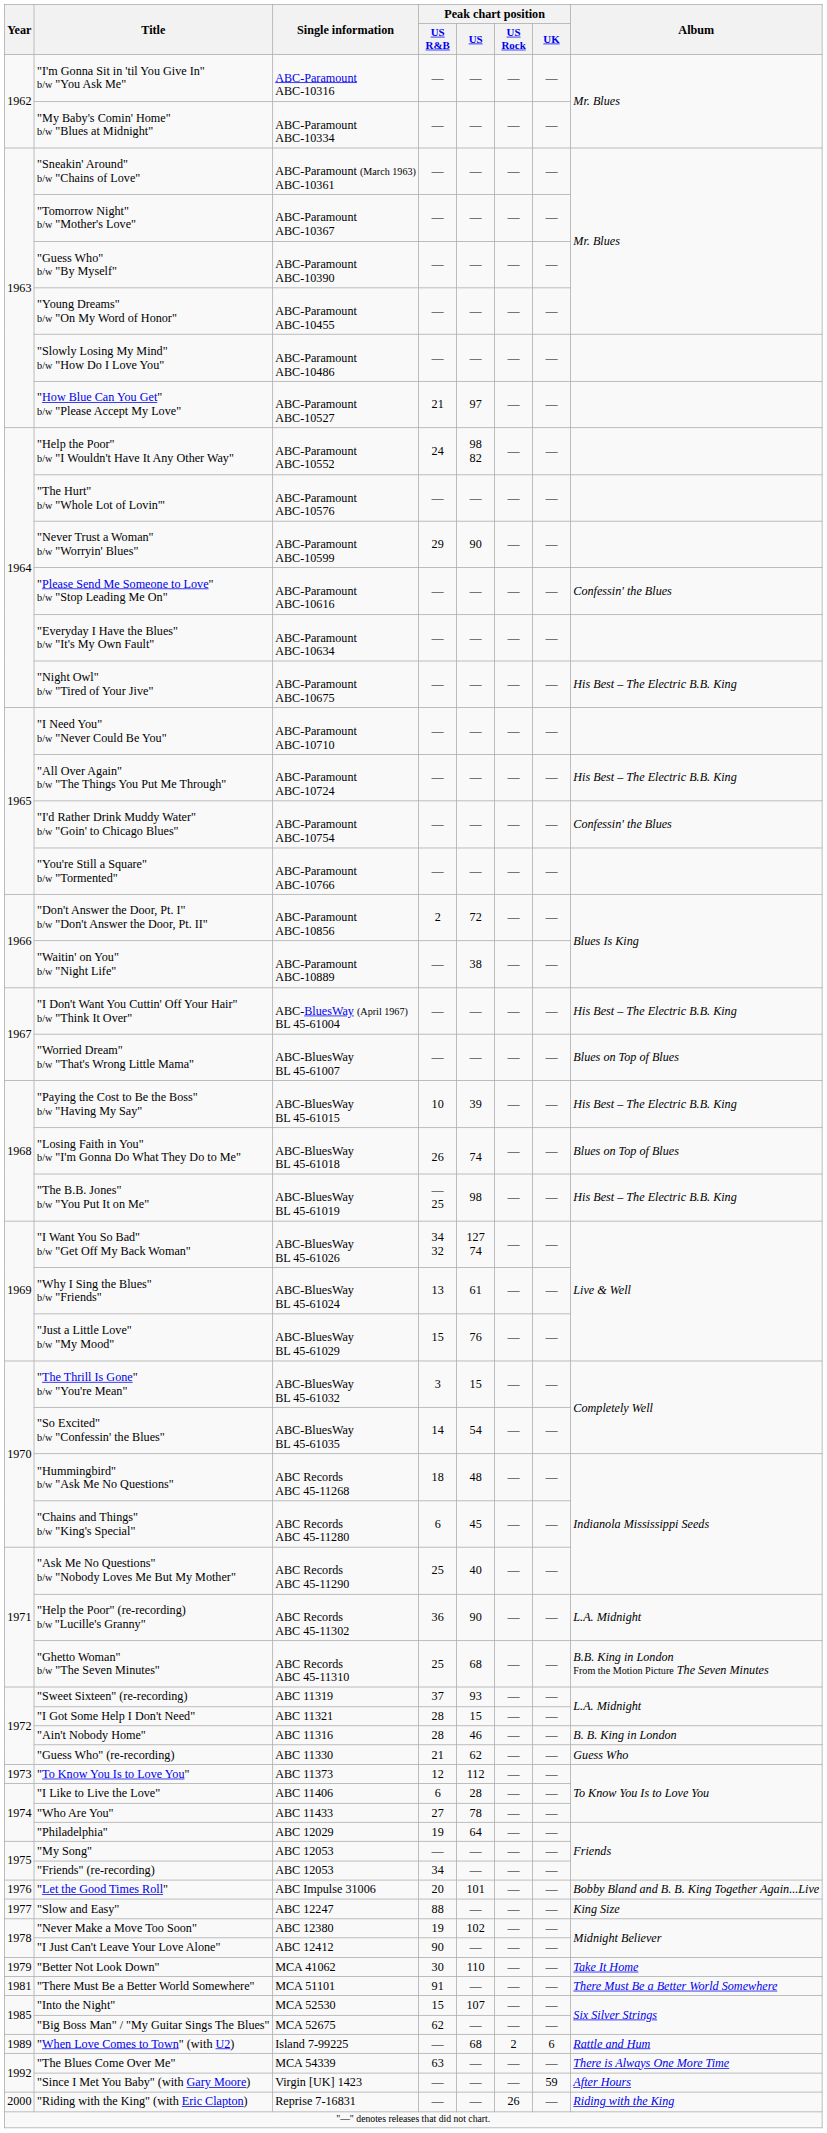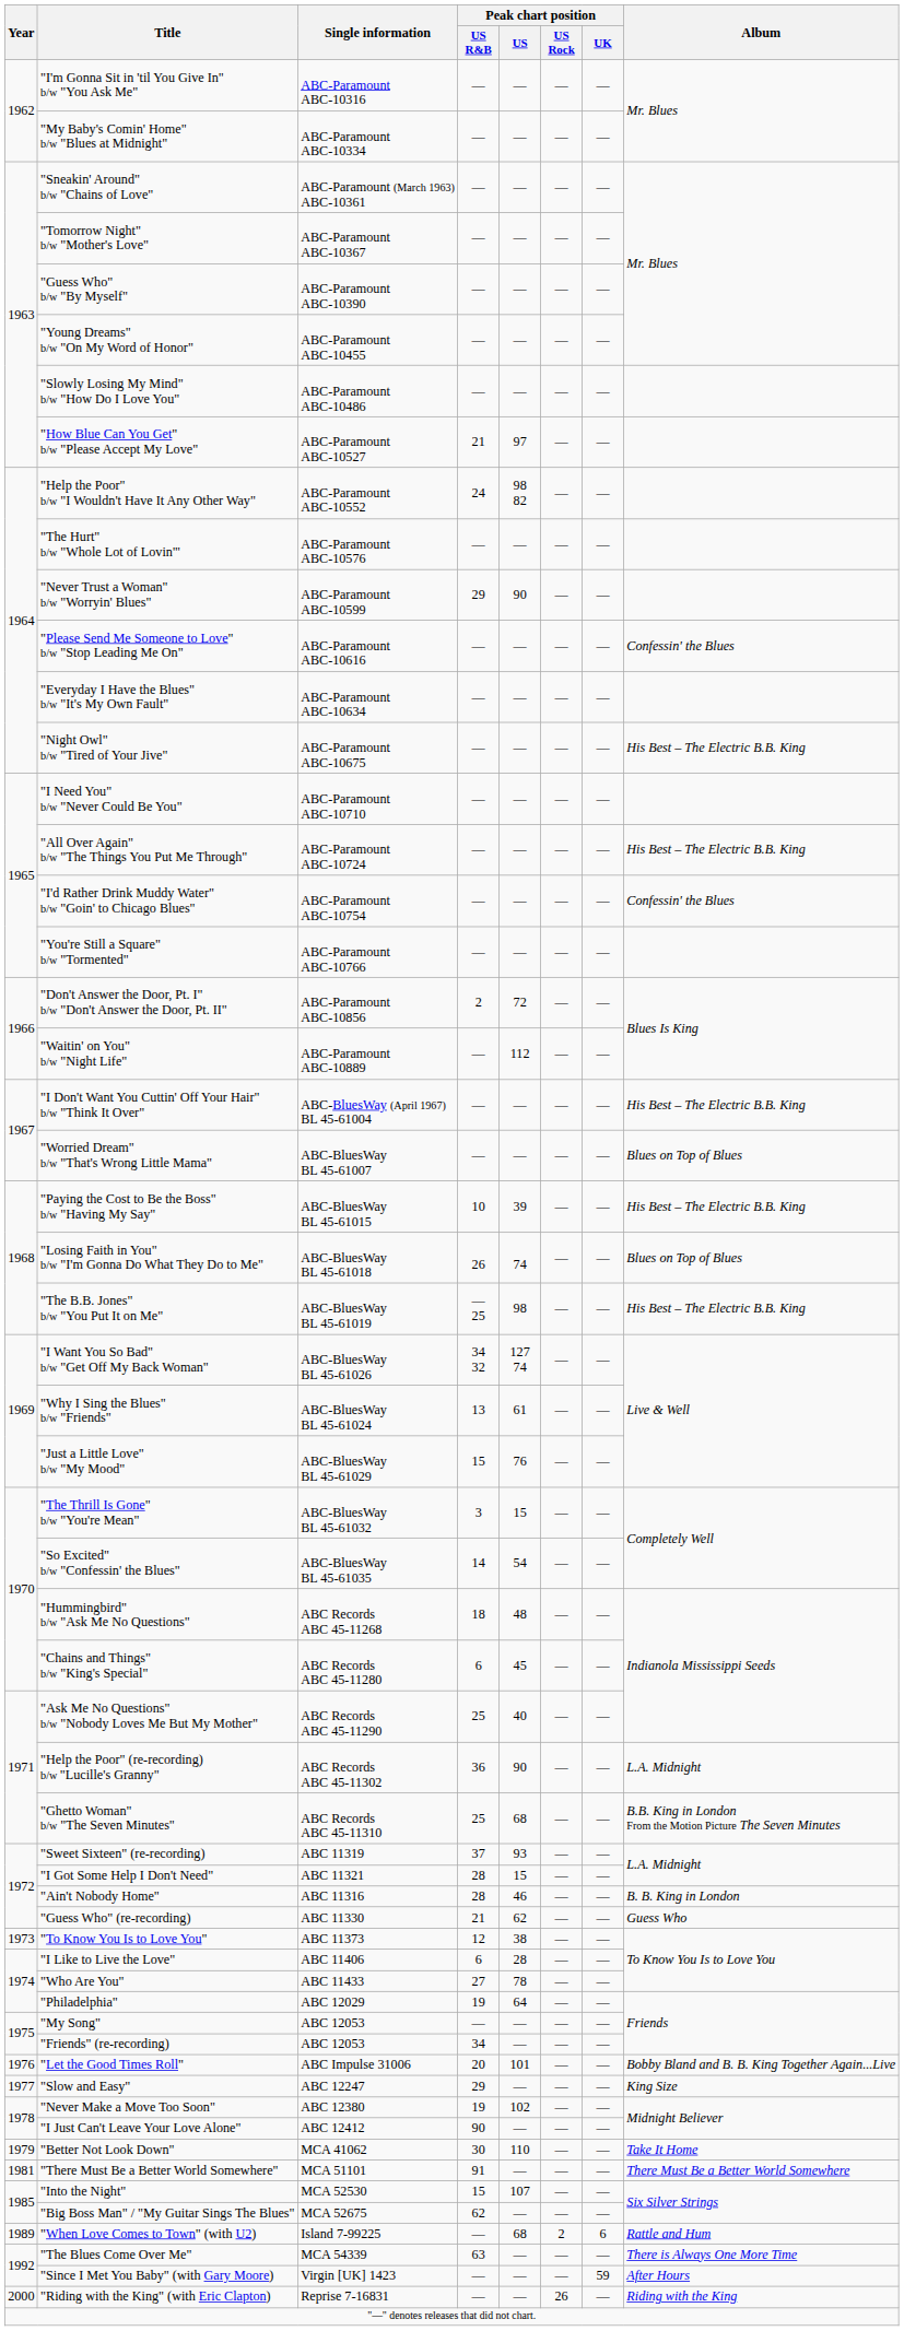 <table class="wikitable">
 <tr>
 <th rowspan=2>Year</th>
 <th rowspan=2>Title</th>
 <th rowspan="2">Single information</th>
 <th colspan=4>Peak chart position</th>
 <th rowspan=2>Album</th>
 </tr>
 <tr>
 <th style="width:3em;font-size:90%;"><a href='#'>US R&B</a></th>
 <th style="width:3em;font-size:90%;"><a href='#'>US</a></th>
 <th style="width:3em;font-size:90%;"><a href='#'>US Rock</a></th>
 <th style="width:3em;font-size:90%;"><a href='#'>UK</a><br></th>
 </tr>
 <tr>
 <td rowspan="2">1962</td>
 <td>"I'm Gonna Sit in 'til You Give In"<br><small>b/w</small> "You Ask Me"</td>
 <td><br><a href='#'>ABC-Paramount</a><br> ABC-10316</td>
 <td align="center">—</td>
 <td align="center">—</td>
 <td align="center">—</td>
 <td align="center">—</td>
 <td rowspan="2"><em>Mr. Blues</em></td>
 </tr>
 <tr>
 <td>"My Baby's Comin' Home"<br><small>b/w</small> "Blues at Midnight"</td>
 <td><br>ABC-Paramount<br> ABC-10334</td>
 <td align="center">—</td>
 <td align="center">—</td>
 <td align="center">—</td>
 <td align="center">—</td>
 </tr>
 <tr>
 <td rowspan="6">1963</td>
 <td>"Sneakin' Around"<br><small>b/w</small> "Chains of Love"</td>
 <td><br>ABC-Paramount <small>(March 1963)</small><br> ABC-10361</td>
 <td align="center">—</td>
 <td align="center">—</td>
 <td align="center">—</td>
 <td align="center">—</td>
 <td rowspan="4"><em>Mr. Blues</em></td>
 </tr>
 <tr>
 <td>"Tomorrow Night"<br><small>b/w</small> "Mother's Love"</td>
 <td><br>ABC-Paramount<br> ABC-10367</td>
 <td align="center">—</td>
 <td align="center">—</td>
 <td align="center">—</td>
 <td align="center">—</td>
 </tr>
 <tr>
 <td>"Guess Who"<br><small>b/w</small> "By Myself"</td>
 <td><br>ABC-Paramount<br> ABC-10390</td>
 <td align="center">—</td>
 <td align="center">—</td>
 <td align="center">—</td>
 <td align="center">—</td>
 </tr>
 <tr>
 <td>"Young Dreams"<br><small>b/w</small> "On My Word of Honor"</td>
 <td><br>ABC-Paramount<br> ABC-10455</td>
 <td align="center">—</td>
 <td align="center">—</td>
 <td align="center">—</td>
 <td align="center">—</td>
 </tr>
 <tr>
 <td>"Slowly Losing My Mind"<br><small>b/w</small> "How Do I Love You"</td>
 <td><br>ABC-Paramount<br> ABC-10486</td>
 <td align="center">—</td>
 <td align="center">—</td>
 <td align="center">—</td>
 <td align="center">—</td>
 <td></td>
 </tr>
 <tr>
 <td>"<a href='#'>How Blue Can You Get</a>"<br><small>b/w</small> "Please Accept My Love"</td>
 <td><br>ABC-Paramount<br> ABC-10527</td>
 <td align="center">21</td>
 <td align="center">97</td>
 <td align="center">—</td>
 <td align="center">—</td>
 <td></td>
 </tr>
 <tr>
 <td rowspan="6">1964</td>
 <td>"Help the Poor" <br><small>b/w</small> "I Wouldn't Have It Any Other Way"</td>
 <td><br>ABC-Paramount<br> ABC-10552</td>
 <td align="center">24</td>
 <td align="center">98<br>82</td>
 <td align="center">—</td>
 <td align="center">—</td>
 <td></td>
 </tr>
 <tr>
 <td>"The Hurt" <br><small>b/w</small> "Whole Lot of Lovin'"</td>
 <td><br>ABC-Paramount<br> ABC-10576</td>
 <td align="center">—</td>
 <td align="center">—</td>
 <td align="center">—</td>
 <td align="center">—</td>
 <td></td>
 </tr>
 <tr>
 <td>"Never Trust a Woman" <br><small>b/w</small> "Worryin' Blues"</td>
 <td><br>ABC-Paramount<br> ABC-10599</td>
 <td align="center">29</td>
 <td align="center">90</td>
 <td align="center">—</td>
 <td align="center">—</td>
 <td></td>
 </tr>
 <tr>
 <td>"<a href='#'>Please Send Me Someone to Love</a>" <br><small>b/w</small> "Stop Leading Me On"</td>
 <td><br>ABC-Paramount<br> ABC-10616</td>
 <td align="center">—</td>
 <td align="center">—</td>
 <td align="center">—</td>
 <td align="center">—</td>
 <td><em>Confessin' the Blues</em></td>
 </tr>
 <tr>
 <td>"Everyday I Have the Blues" <br><small>b/w</small> "It's My Own Fault"</td>
 <td><br>ABC-Paramount<br> ABC-10634</td>
 <td align="center">—</td>
 <td align="center">—</td>
 <td align="center">—</td>
 <td align="center">—</td>
 <td></td>
 </tr>
 <tr>
 <td>"Night Owl" <br><small>b/w</small> "Tired of Your Jive"</td>
 <td><br>ABC-Paramount<br> ABC-10675</td>
 <td align="center">—</td>
 <td align="center">—</td>
 <td align="center">—</td>
 <td align="center">—</td>
 <td><em>His Best – The Electric B.B. King</em></td>
 </tr>
 <tr>
 <td rowspan="4">1965</td>
 <td>"I Need You" <br><small>b/w</small> "Never Could Be You"</td>
 <td><br>ABC-Paramount<br> ABC-10710</td>
 <td align="center">—</td>
 <td align="center">—</td>
 <td align="center">—</td>
 <td align="center">—</td>
 <td></td>
 </tr>
 <tr>
 <td>"All Over Again" <br><small>b/w</small> "The Things You Put Me Through"</td>
 <td><br>ABC-Paramount<br> ABC-10724</td>
 <td align="center">—</td>
 <td align="center">—</td>
 <td align="center">—</td>
 <td align="center">—</td>
 <td><em>His Best – The Electric B.B. King</em></td>
 </tr>
 <tr>
 <td>"I'd Rather Drink Muddy Water" <br><small>b/w</small> "Goin' to Chicago Blues"</td>
 <td><br>ABC-Paramount<br> ABC-10754</td>
 <td align="center">—</td>
 <td align="center">—</td>
 <td align="center">—</td>
 <td align="center">—</td>
 <td><em>Confessin' the Blues</em></td>
 </tr>
 <tr>
 <td>"You're Still a Square" <br><small>b/w</small> "Tormented"</td>
 <td><br>ABC-Paramount<br> ABC-10766</td>
 <td align="center">—</td>
 <td align="center">—</td>
 <td align="center">—</td>
 <td align="center">—</td>
 <td></td>
 </tr>
 <tr>
 <td rowspan="2">1966</td>
 <td>"Don't Answer the Door, Pt. I" <br><small>b/w</small> "Don't Answer the Door, Pt. II"</td>
 <td><br>ABC-Paramount<br> ABC-10856</td>
 <td align="center">2</td>
 <td align="center">72</td>
 <td align="center">—</td>
 <td align="center">—</td>
 <td rowspan="2"><em>Blues Is King</em></td>
 </tr>
 <tr>
 <td>"Waitin' on You" <br><small>b/w</small> "Night Life"</td>
 <td><br>ABC-Paramount<br> ABC-10889</td>
 <td align="center">—</td>
-<td align="center">38</td>
+<td align="center">112</td>
 <td align="center">—</td>
 <td align="center">—</td>
 </tr>
 <tr>
 <td rowspan="2">1967</td>
 <td>"I Don't Want You Cuttin' Off Your Hair" <br><small>b/w</small> "Think It Over"</td>
 <td><br>ABC-<a href='#'>BluesWay</a> <small>(April 1967)</small><br> BL 45-61004</td>
 <td align="center">—</td>
 <td align="center">—</td>
 <td align="center">—</td>
 <td align="center">—</td>
 <td><em>His Best – The Electric B.B. King</em></td>
 </tr>
 <tr>
 <td>"Worried Dream" <br><small>b/w</small> "That's Wrong Little Mama"</td>
 <td><br>ABC-BluesWay<br> BL 45-61007</td>
 <td align="center">—</td>
 <td align="center">—</td>
 <td align="center">—</td>
 <td align="center">—</td>
 <td><em>Blues on Top of Blues</em></td>
 </tr>
 <tr>
 <td rowspan="3">1968</td>
 <td>"Paying the Cost to Be the Boss"<br><small>b/w</small> "Having My Say"</td>
 <td><br>ABC-BluesWay<br> BL 45-61015</td>
 <td align="center">10</td>
 <td align="center">39</td>
 <td align="center">—</td>
 <td align="center">—</td>
 <td><em>His Best – The Electric B.B. King</em></td>
 </tr>
 <tr>
 <td>"Losing Faith in You" <br><small>b/w</small> "I'm Gonna Do What They Do to Me"</td>
 <td><br>ABC-BluesWay<br> BL 45-61018</td>
 <td align="center"><br>26</td>
 <td align="center"><br>74</td>
 <td align="center">—</td>
 <td align="center">—</td>
 <td><em>Blues on Top of Blues</em></td>
 </tr>
 <tr>
 <td>"The B.B. Jones" <br><small>b/w</small> "You Put It on Me"</td>
 <td><br>ABC-BluesWay<br> BL 45-61019</td>
 <td align="center">—<br>25</td>
 <td align="center">98</td>
 <td align="center">—</td>
 <td align="center">—</td>
 <td><em>His Best – The Electric B.B. King</em></td>
 </tr>
 <tr>
 <td rowspan="3">1969</td>
 <td>"I Want You So Bad" <br><small>b/w</small> "Get Off My Back Woman"</td>
 <td><br>ABC-BluesWay<br> BL 45-61026</td>
 <td align="center">34<br>32</td>
 <td align="center">127<br>74</td>
 <td align="center">—</td>
 <td align="center">—</td>
 <td rowspan="3"><em>Live & Well</em></td>
 </tr>
 <tr>
 <td>"Why I Sing the Blues" <br><small>b/w</small> "Friends"</td>
 <td><br>ABC-BluesWay<br> BL 45-61024</td>
 <td align="center">13</td>
 <td align="center">61</td>
 <td align="center">—</td>
 <td align="center">—</td>
 </tr>
 <tr>
 <td>"Just a Little Love" <br><small>b/w</small> "My Mood"</td>
 <td><br>ABC-BluesWay<br> BL 45-61029</td>
 <td align="center">15</td>
 <td align="center">76</td>
 <td align="center">—</td>
 <td align="center">—</td>
 </tr>
 <tr>
 <td rowspan="4">1970</td>
 <td>"<a href='#'>The Thrill Is Gone</a>" <br><small>b/w</small> "You're Mean"</td>
 <td><br>ABC-BluesWay<br> BL 45-61032</td>
 <td align="center">3</td>
 <td align="center">15</td>
 <td align="center">—</td>
 <td align="center">—</td>
 <td rowspan="2"><em>Completely Well</em></td>
 </tr>
 <tr>
 <td>"So Excited" <br><small>b/w</small> "Confessin' the Blues"</td>
 <td><br>ABC-BluesWay<br> BL 45-61035</td>
 <td align="center">14</td>
 <td align="center">54</td>
 <td align="center">—</td>
 <td align="center">—</td>
 </tr>
 <tr>
 <td>"Hummingbird" <br><small>b/w</small> "Ask Me No Questions"</td>
 <td><br>ABC Records<br> ABC 45-11268</td>
 <td align="center">18</td>
 <td align="center">48</td>
 <td align="center">—</td>
 <td align="center">—</td>
 <td rowspan="3"><em>Indianola Mississippi Seeds</em></td>
 </tr>
 <tr>
 <td>"Chains and Things" <br><small>b/w</small> "King's Special"</td>
 <td><br>ABC Records<br> ABC 45-11280</td>
 <td align="center">6</td>
 <td align="center">45</td>
 <td align="center">—</td>
 <td align="center">—</td>
 </tr>
 <tr>
 <td rowspan="3">1971</td>
 <td>"Ask Me No Questions" <br><small>b/w</small>  "Nobody Loves Me But My Mother"</td>
 <td><br>ABC Records<br> ABC 45-11290</td>
 <td align="center">25</td>
 <td align="center">40</td>
 <td align="center">—</td>
 <td align="center">—</td>
 </tr>
 <tr>
 <td>"Help the Poor" (re-recording) <br><small>b/w </small>"Lucille's Granny"</td>
 <td><br>ABC Records<br> ABC 45-11302</td>
 <td align="center">36</td>
 <td align="center">90</td>
 <td align="center">—</td>
 <td align="center">—</td>
 <td><em>L.A. Midnight</em></td>
 </tr>
 <tr>
 <td>"Ghetto Woman"<br><small>b/w</small> "The Seven Minutes"</td>
 <td><br>ABC Records<br> ABC 45-11310</td>
 <td align="center">25</td>
 <td align="center">68</td>
 <td align="center">—</td>
 <td align="center">—</td>
 <td><em>B.B. King in London</em><br><small>From the Motion Picture</small> <em>The Seven Minutes</em></td>
 </tr>
 <tr>
 <td rowspan="4">1972</td>
 <td>"Sweet Sixteen" (re-recording)</td>
 <td>ABC 11319</td>
 <td align="center">37</td>
 <td align="center">93</td>
 <td align="center">—</td>
 <td align="center">—</td>
 <td rowspan="2"><em>L.A. Midnight</em></td>
 </tr>
 <tr>
 <td>"I Got Some Help I Don't Need"</td>
 <td>ABC 11321</td>
 <td align="center">28</td>
 <td align="center">15</td>
 <td align="center">—</td>
 <td align="center">—</td>
 </tr>
 <tr>
 <td>"Ain't Nobody Home"</td>
 <td>ABC 11316</td>
 <td align="center">28</td>
 <td align="center">46</td>
 <td align="center">—</td>
 <td align="center">—</td>
 <td><em>B. B. King in London</em></td>
 </tr>
 <tr>
 <td>"Guess Who" (re-recording)</td>
 <td>ABC 11330</td>
 <td align="center">21</td>
 <td align="center">62</td>
 <td align="center">—</td>
 <td align="center">—</td>
 <td><em>Guess Who</em></td>
 </tr>
 <tr>
 <td>1973</td>
 <td>"<a href='#'>To Know You Is to Love You</a>"</td>
 <td>ABC 11373</td>
 <td align="center">12</td>
-<td align="center">112</td>
+<td align="center">38</td>
 <td align="center">—</td>
 <td align="center">—</td>
 <td rowspan="3"><em>To Know You Is to Love You</em></td>
 </tr>
 <tr>
 <td rowspan="3">1974</td>
 <td>"I Like to Live the Love"</td>
 <td>ABC 11406</td>
 <td align="center">6</td>
 <td align="center">28</td>
 <td align="center">—</td>
 <td align="center">—</td>
 </tr>
 <tr>
 <td>"Who Are You"</td>
 <td>ABC 11433</td>
 <td align="center">27</td>
 <td align="center">78</td>
 <td align="center">—</td>
 <td align="center">—</td>
 </tr>
 <tr>
 <td>"Philadelphia"</td>
 <td>ABC 12029</td>
 <td align="center">19</td>
 <td align="center">64</td>
 <td align="center">—</td>
 <td align="center">—</td>
 <td rowspan="3"><em>Friends</em></td>
 </tr>
 <tr>
 <td rowspan="2">1975</td>
 <td>"My Song"</td>
 <td>ABC 12053</td>
 <td align="center">—</td>
 <td align="center">—</td>
 <td align="center">—</td>
 <td align="center">—</td>
 </tr>
 <tr>
 <td>"Friends" (re-recording)</td>
 <td>ABC 12053</td>
 <td align="center">34</td>
 <td align="center">—</td>
 <td align="center">—</td>
 <td align="center">—</td>
 </tr>
 <tr>
 <td>1976</td>
 <td>"<a href='#'>Let the Good Times Roll</a>"</td>
 <td>ABC Impulse 31006</td>
 <td align="center">20</td>
 <td align="center">101</td>
 <td align="center">—</td>
 <td align="center">—</td>
 <td><em>Bobby Bland and B. B. King Together Again...Live</em></td>
 </tr>
 <tr>
 <td>1977</td>
 <td>"Slow and Easy"</td>
 <td>ABC 12247</td>
-<td align="center">88</td>
+<td align="center">29</td>
 <td align="center">—</td>
 <td align="center">—</td>
 <td align="center">—</td>
 <td><em>King Size</em></td>
 </tr>
 <tr>
 <td rowspan="2">1978</td>
 <td>"Never Make a Move Too Soon"</td>
 <td>ABC 12380</td>
 <td align="center">19</td>
 <td align="center">102</td>
 <td align="center">—</td>
 <td align="center">—</td>
 <td rowspan="2"><em>Midnight Believer</em></td>
 </tr>
 <tr>
 <td>"I Just Can't Leave Your Love Alone"</td>
 <td>ABC 12412</td>
 <td align="center">90</td>
 <td align="center">—</td>
 <td align="center">—</td>
 <td align="center">—</td>
 </tr>
 <tr>
 <td>1979</td>
 <td>"Better Not Look Down"</td>
 <td>MCA 41062</td>
 <td align="center">30</td>
 <td align="center">110</td>
 <td align="center">—</td>
 <td align="center">—</td>
 <td><em><a href='#'>Take It Home</a></em></td>
 </tr>
 <tr>
 <td>1981</td>
 <td>"There Must Be a Better World Somewhere"</td>
 <td>MCA 51101</td>
 <td align="center">91</td>
 <td align="center">—</td>
 <td align="center">—</td>
 <td align="center">—</td>
 <td><em><a href='#'>There Must Be a Better World Somewhere</a></em></td>
 </tr>
 <tr>
 <td rowspan="2">1985</td>
 <td>"Into the Night"</td>
 <td>MCA 52530</td>
 <td align="center">15</td>
 <td align="center">107</td>
 <td align="center">—</td>
 <td align="center">—</td>
 <td rowspan="2"><em><a href='#'>Six Silver Strings</a></em></td>
 </tr>
 <tr>
 <td>"Big Boss Man" / "My Guitar Sings The Blues"</td>
 <td>MCA 52675</td>
 <td align="center">62</td>
 <td align="center">—</td>
 <td align="center">—</td>
 <td align="center">—</td>
 </tr>
 <tr>
 <td>1989</td>
 <td>"<a href='#'>When Love Comes to Town</a>" (with <a href='#'>U2</a>)</td>
 <td>Island 7-99225</td>
 <td align="center">—</td>
 <td align="center">68</td>
 <td align="center">2</td>
 <td align="center">6</td>
 <td><em><a href='#'>Rattle and Hum</a></em></td>
 </tr>
 <tr>
 <td rowspan="2">1992</td>
 <td>"The Blues Come Over Me"</td>
 <td>MCA 54339</td>
 <td align="center">63</td>
 <td align="center">—</td>
 <td align="center">—</td>
 <td align="center">—</td>
 <td><em><a href='#'>There is Always One More Time</a></em></td>
 </tr>
 <tr>
 <td>"Since I Met You Baby" (with <a href='#'>Gary Moore</a>)</td>
 <td>Virgin [UK] 1423</td>
 <td align="center">—</td>
 <td align="center">—</td>
 <td align="center">—</td>
 <td align="center">59</td>
 <td><em><a href='#'>After Hours</a></em></td>
 </tr>
 <tr>
 <td>2000</td>
 <td>"Riding with the King" (with <a href='#'>Eric Clapton</a>)</td>
 <td>Reprise 7-16831</td>
 <td align="center">—</td>
 <td align="center">—</td>
 <td align="center">26</td>
 <td align="center">—</td>
 <td><em><a href='#'>Riding with the King</a></em></td>
 </tr>
 <tr>
 <td colspan="12" align="center" style="font-size:80%">"—" denotes releases that did not chart.</td>
 </tr>
 </table>
